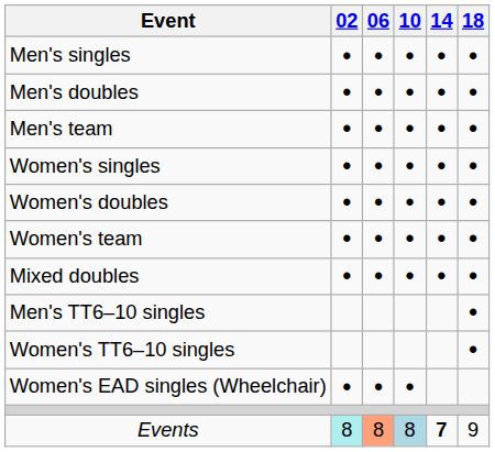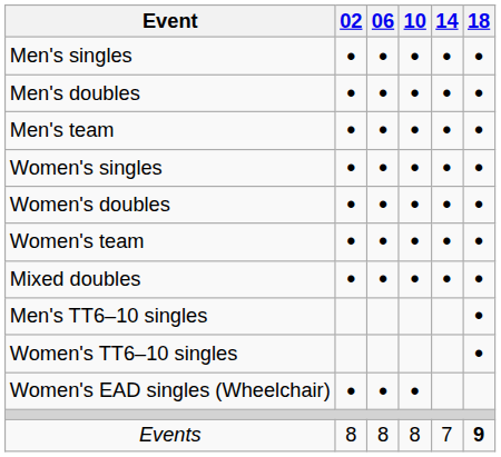 <table class="wikitable" style="text-align:center">
 <tr>
 <th>Event</th>
 <th><a href='#'>02</a></th>
 <th><a href='#'>06</a></th>
 <th><a href='#'>10</a></th>
 <th><a href='#'>14</a></th>
 <th><a href='#'>18</a></th>
 </tr>
 <tr>
 <td align=left>Men's singles</td>
 <td><big><strong>•</strong></big></td>
 <td><big><strong>•</strong></big></td>
 <td><big><strong>•</strong></big></td>
 <td><big><strong>•</strong></big></td>
 <td><big><strong>•</strong></big></td>
 </tr>
 <tr>
 <td align=left>Men's doubles</td>
 <td><big><strong>•</strong></big></td>
 <td><big><strong>•</strong></big></td>
 <td><big><strong>•</strong></big></td>
 <td><big><strong>•</strong></big></td>
 <td><big><strong>•</strong></big></td>
 </tr>
 <tr>
 <td align=left>Men's team</td>
 <td><big><strong>•</strong></big></td>
 <td><big><strong>•</strong></big></td>
 <td><big><strong>•</strong></big></td>
 <td><big><strong>•</strong></big></td>
 <td><big><strong>•</strong></big></td>
 </tr>
 <tr>
 <td align=left>Women's singles</td>
 <td><big><strong>•</strong></big></td>
 <td><big><strong>•</strong></big></td>
 <td><big><strong>•</strong></big></td>
 <td><big><strong>•</strong></big></td>
 <td><big><strong>•</strong></big></td>
 </tr>
 <tr>
 <td align=left>Women's doubles</td>
 <td><big><strong>•</strong></big></td>
 <td><big><strong>•</strong></big></td>
 <td><big><strong>•</strong></big></td>
 <td><big><strong>•</strong></big></td>
 <td><big><strong>•</strong></big></td>
 </tr>
 <tr>
 <td align=left>Women's team</td>
 <td><big><strong>•</strong></big></td>
 <td><big><strong>•</strong></big></td>
 <td><big><strong>•</strong></big></td>
 <td><big><strong>•</strong></big></td>
 <td><big><strong>•</strong></big></td>
 </tr>
 <tr>
 <td align=left>Mixed doubles</td>
 <td><big><strong>•</strong></big></td>
 <td><big><strong>•</strong></big></td>
 <td><big><strong>•</strong></big></td>
 <td><big><strong>•</strong></big></td>
 <td><big><strong>•</strong></big></td>
 </tr>
 <tr>
 <td align=left>Men's TT6–10 singles</td>
 <td></td>
 <td></td>
 <td></td>
 <td></td>
 <td><big><strong>•</strong></big></td>
 </tr>
 <tr>
 <td align=left>Women's TT6–10 singles</td>
 <td></td>
 <td></td>
 <td></td>
 <td></td>
 <td><big><strong>•</strong></big></td>
 </tr>
 <tr>
 <td align=left>Women's EAD singles (Wheelchair)</td>
 <td><big><strong>•</strong></big></td>
 <td><big><strong>•</strong></big></td>
 <td><big><strong>•</strong></big></td>
 <td></td>
 <td></td>
 </tr>
 <tr bgcolor=lightgray>
 <td colspan=12></td>
 </tr>
 <tr>
 <td><em>Events</em></td>
-<td style="background: paleturquoise;">8</td>
-<td style="background: lightsalmon;">8</td>
-<td style="background: lightblue;">8</td>
-<td><strong>7</strong></td>
-<td>9</td>
+<td>8</td>
+<td>8</td>
+<td>8</td>
+<td>7</td>
+<td><strong>9</strong></td>
 </tr>
 </table>
